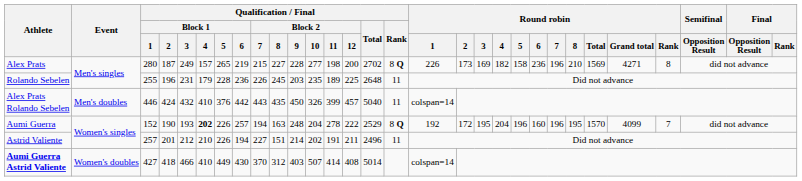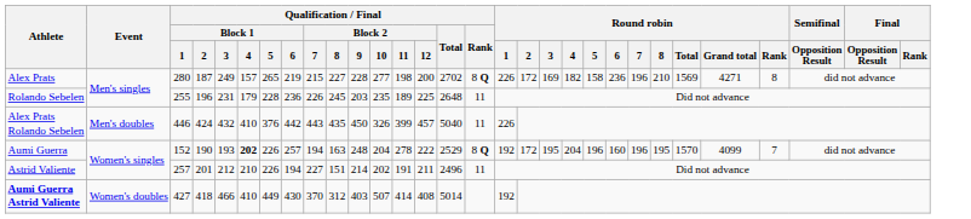 <table class=wikitable style=font-size:75%;text-align:center>
 <tr>
 <th rowspan=3>Athlete</th>
 <th rowspan=3>Event</th>
 <th colspan=14>Qualification / Final</th>
 <th colspan=11 rowspan=2>Round robin</th>
 <th rowspan=2>Semifinal</th>
 <th rowspan=2 colspan=2>Final</th>
 </tr>
 <tr style=font-size:95%>
 <th colspan=6>Block 1</th>
 <th colspan=6>Block 2</th>
 <th rowspan=2>Total</th>
 <th rowspan=2>Rank</th>
 </tr>
 <tr style=font-size:95%>
 <th>1</th>
 <th>2</th>
 <th>3</th>
 <th>4</th>
 <th>5</th>
 <th>6</th>
 <th>7</th>
 <th>8</th>
 <th>9</th>
 <th>10</th>
 <th>11</th>
 <th>12</th>
 <th>1</th>
 <th>2</th>
 <th>3</th>
 <th>4</th>
 <th>5</th>
 <th>6</th>
 <th>7</th>
 <th>8</th>
 <th>Total</th>
 <th>Grand total</th>
 <th>Rank</th>
 <th>Opposition<br>Result</th>
 <th>Opposition<br>Result</th>
 <th>Rank</th>
 </tr>
 <tr>
 <td align=left><a href='#'>Alex Prats</a></td>
 <td align=left rowspan=2><a href='#'>Men's singles</a></td>
 <td>280</td>
 <td>187</td>
 <td>249</td>
 <td>157</td>
 <td>265</td>
 <td>219</td>
 <td>215</td>
 <td>227</td>
 <td>228</td>
 <td>277</td>
 <td>198</td>
 <td>200</td>
 <td>2702</td>
 <td>8 <strong>Q</strong></td>
 <td>226</td>
-<td>173</td>
+<td>172</td>
 <td>169</td>
 <td>182</td>
 <td>158</td>
 <td>236</td>
 <td>196</td>
 <td>210</td>
 <td>1569</td>
 <td>4271</td>
 <td>8</td>
 <td colspan=3>did not advance</td>
 </tr>
 <tr>
 <td align=left><a href='#'>Rolando Sebelen</a></td>
 <td>255</td>
 <td>196</td>
 <td>231</td>
 <td>179</td>
 <td>228</td>
 <td>236</td>
 <td>226</td>
 <td>245</td>
 <td>203</td>
 <td>235</td>
 <td>189</td>
 <td>225</td>
 <td>2648</td>
 <td>11</td>
 <td colspan=14>Did not advance</td>
 </tr>
 <tr>
 <td align=left><a href='#'>Alex Prats</a><br><a href='#'>Rolando Sebelen</a></td>
 <td align=left><a href='#'>Men's doubles</a></td>
 <td>446</td>
 <td>424</td>
 <td>432</td>
 <td>410</td>
 <td>376</td>
 <td>442</td>
 <td>443</td>
 <td>435</td>
 <td>450</td>
 <td>326</td>
 <td>399</td>
 <td>457</td>
 <td>5040</td>
 <td>11</td>
-<td>colspan=14 </td>
+<td>226</td>
 </tr>
 <tr>
 <td align=left><a href='#'>Aumi Guerra</a></td>
 <td align=left rowspan=2><a href='#'>Women's singles</a></td>
 <td>152</td>
 <td>190</td>
 <td>193</td>
 <td><strong>202</strong></td>
 <td>226</td>
 <td>257</td>
 <td>194</td>
 <td>163</td>
 <td>248</td>
 <td>204</td>
 <td>278</td>
 <td>222</td>
 <td>2529</td>
 <td>8 <strong>Q</strong></td>
 <td>192</td>
 <td>172</td>
 <td>195</td>
 <td>204</td>
 <td>196</td>
 <td>160</td>
 <td>196</td>
 <td>195</td>
 <td>1570</td>
 <td>4099</td>
 <td>7</td>
 <td colspan=3>did not advance</td>
 </tr>
 <tr>
 <td align=left><a href='#'>Astrid Valiente</a></td>
 <td>257</td>
 <td>201</td>
 <td>212</td>
 <td>210</td>
 <td>226</td>
 <td>194</td>
 <td>227</td>
 <td>151</td>
 <td>214</td>
 <td>202</td>
 <td>191</td>
 <td>211</td>
 <td>2496</td>
 <td>11</td>
 <td colspan=14>Did not advance</td>
 </tr>
 <tr>
 <td align=left><strong><a href='#'>Aumi Guerra</a><br><a href='#'>Astrid Valiente</a></strong></td>
 <td align=left><a href='#'>Women's doubles</a></td>
 <td>427</td>
 <td>418</td>
 <td>466</td>
 <td>410</td>
 <td>449</td>
 <td>430</td>
 <td>370</td>
 <td>312</td>
 <td>403</td>
 <td>507</td>
 <td>414</td>
 <td>408</td>
 <td>5014</td>
 <td></td>
-<td>colspan=14 </td>
+<td>192</td>
 </tr>
 </table>
